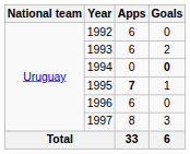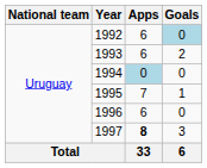 <table class="wikitable" style="text-align:center">
 <tr>
 <th>National team</th>
 <th>Year</th>
 <th>Apps</th>
 <th>Goals</th>
 </tr>
 <tr>
 <td rowspan="6"><a href='#'>Uruguay</a></td>
 <td>1992</td>
 <td>6</td>
-<td>0</td>
+<td style="background: lightblue;">0</td>
 </tr>
 <tr>
 <td>1993</td>
 <td>6</td>
 <td>2</td>
 </tr>
 <tr>
 <td>1994</td>
+<td style="background: lightblue;">0</td>
 <td>0</td>
-<td><strong>0</strong></td>
 </tr>
 <tr>
 <td>1995</td>
-<td><strong>7</strong></td>
+<td>7</td>
 <td>1</td>
 </tr>
 <tr>
 <td>1996</td>
 <td>6</td>
 <td>0</td>
 </tr>
 <tr>
 <td>1997</td>
-<td>8</td>
+<td><strong>8</strong></td>
 <td>3</td>
 </tr>
 <tr>
 <th colspan="2">Total</th>
 <th>33</th>
 <th>6</th>
 </tr>
 </table>
